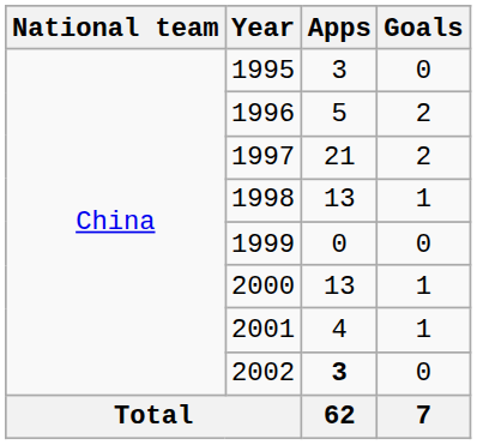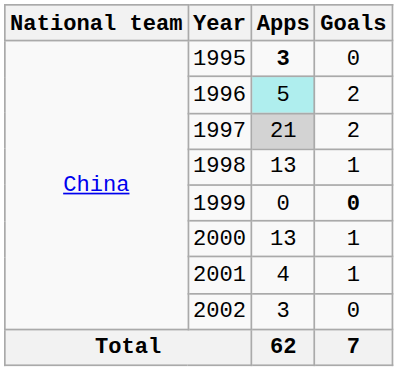 <table class="wikitable" style="text-align:center">
 <tr>
 <th>National team</th>
 <th>Year</th>
 <th>Apps</th>
 <th>Goals</th>
 </tr>
 <tr>
 <td rowspan="8"><a href='#'>China</a></td>
 <td>1995</td>
-<td>3</td>
+<td><strong>3</strong></td>
 <td>0</td>
 </tr>
 <tr>
 <td>1996</td>
-<td>5</td>
+<td style="background: paleturquoise;">5</td>
 <td>2</td>
 </tr>
 <tr>
 <td>1997</td>
-<td>21</td>
+<td style="background: lightgrey;">21</td>
 <td>2</td>
 </tr>
 <tr>
 <td>1998</td>
 <td>13</td>
 <td>1</td>
 </tr>
 <tr>
 <td>1999</td>
 <td>0</td>
-<td>0</td>
+<td><strong>0</strong></td>
 </tr>
 <tr>
 <td>2000</td>
 <td>13</td>
 <td>1</td>
 </tr>
 <tr>
 <td>2001</td>
 <td>4</td>
 <td>1</td>
 </tr>
 <tr>
 <td>2002</td>
-<td><strong>3</strong></td>
+<td>3</td>
 <td>0</td>
 </tr>
 <tr>
 <th colspan="2">Total</th>
 <th>62</th>
 <th>7</th>
 </tr>
 </table>
